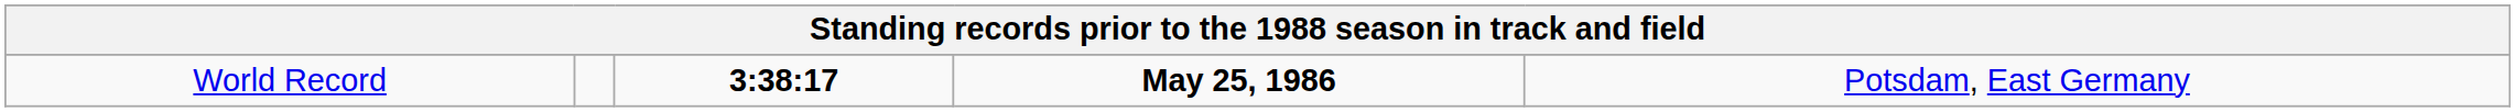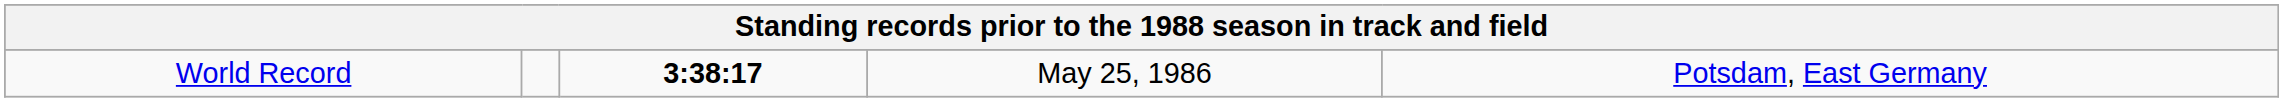 <table class="wikitable" style="text-align:center;width:100%">
 <tr>
 <th colspan="5">Standing records prior to the 1988 season in track and field</th>
 </tr>
 <tr>
 <td><a href='#'>World Record</a></td>
 <td></td>
 <td><strong>3:38:17</strong></td>
-<td><strong>May 25, 1986</strong></td>
+<td>May 25, 1986</td>
 <td> <a href='#'>Potsdam</a>, <a href='#'>East Germany</a></td>
 </tr>
 </table>
